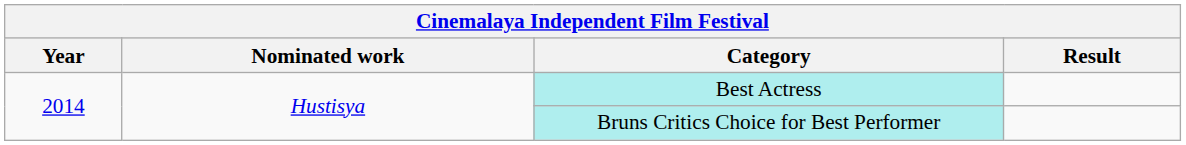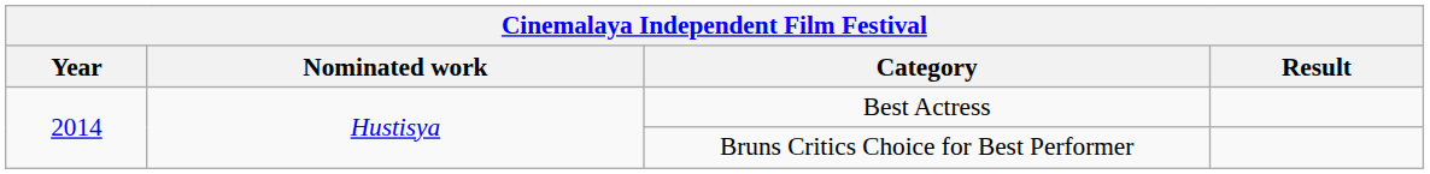 <table width="70%" class="wikitable sortable">
 <tr>
 <th colspan="4" align="center"><strong><a href='#'>Cinemalaya Independent Film Festival</a></strong></th>
 </tr>
 <tr>
 <th width="10%">Year</th>
 <th width="35%">Nominated work</th>
 <th width="40%">Category</th>
 <th width="15%">Result</th>
 </tr>
 <tr>
 <td align="center" rowspan=2><a href='#'>2014</a></td>
 <td align="center" rowspan=2><em><a href='#'>Hustisya</a></em></td>
-<td align="center" style="background: paleturquoise;">Best Actress</td>
+<td align="center">Best Actress</td>
 <td></td>
 </tr>
 <tr>
-<td align="center" style="background: paleturquoise;">Bruns Critics Choice for Best Performer</td>
+<td align="center">Bruns Critics Choice for Best Performer</td>
 <td></td>
 </tr>
 </table>
